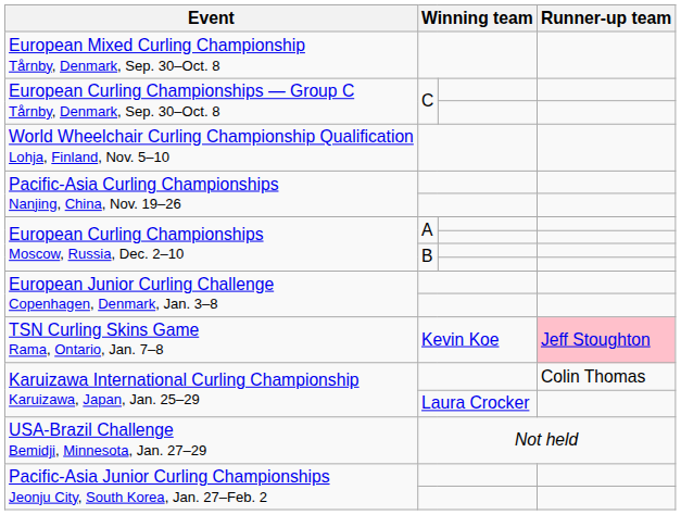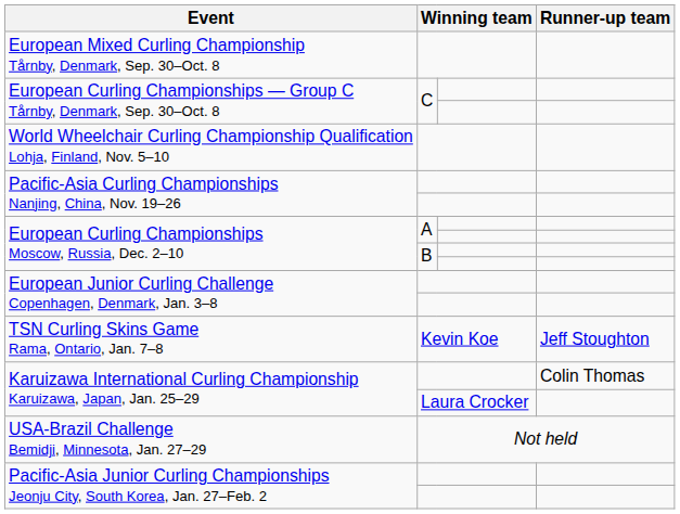 <table class="wikitable">
 <tr>
 <th>Event</th>
 <th colspan=2>Winning team</th>
 <th>Runner-up team</th>
 </tr>
 <tr>
 <td><a href='#'>European Mixed Curling Championship</a> <br> <small><a href='#'>Tårnby</a>, <a href='#'>Denmark</a>, Sep. 30–Oct. 8</small></td>
 <td colspan=2></td>
 <td></td>
 </tr>
 <tr>
 <td rowspan=2><a href='#'>European Curling Championships — Group C</a> <br> <small><a href='#'>Tårnby</a>, <a href='#'>Denmark</a>, Sep. 30–Oct. 8</small></td>
 <td rowspan=2 width=5>C</td>
 <td></td>
 <td></td>
 </tr>
 <tr>
 <td></td>
 <td></td>
 </tr>
 <tr>
 <td><a href='#'>World Wheelchair Curling Championship Qualification</a> <br> <small><a href='#'>Lohja</a>, <a href='#'>Finland</a>, Nov. 5–10</small></td>
 <td colspan=2></td>
 <td></td>
 </tr>
 <tr>
 <td rowspan=2><a href='#'>Pacific-Asia Curling Championships</a> <br> <small><a href='#'>Nanjing</a>, <a href='#'>China</a>, Nov. 19–26</small></td>
 <td colspan=2></td>
 <td></td>
 </tr>
 <tr>
 <td colspan=2></td>
 <td></td>
 </tr>
 <tr>
 <td rowspan=4><a href='#'>European Curling Championships</a> <br> <small><a href='#'>Moscow</a>, <a href='#'>Russia</a>, Dec. 2–10</small></td>
 <td rowspan=2 width=5>A</td>
 <td></td>
 <td></td>
 </tr>
 <tr>
 <td></td>
 <td></td>
 </tr>
 <tr>
 <td rowspan=2>B</td>
 <td></td>
 <td></td>
 </tr>
 <tr>
 <td></td>
 <td></td>
 </tr>
 <tr>
 <td rowspan=2><a href='#'>European Junior Curling Challenge</a> <br> <small><a href='#'>Copenhagen</a>, <a href='#'>Denmark</a>, Jan. 3–8</small></td>
 <td colspan=2></td>
 <td></td>
 </tr>
 <tr>
 <td colspan=2></td>
 <td></td>
 </tr>
 <tr>
 <td><a href='#'>TSN Curling Skins Game</a> <br> <small><a href='#'>Rama</a>, <a href='#'>Ontario</a>, Jan. 7–8</small></td>
 <td colspan=2> <a href='#'>Kevin Koe</a></td>
-<td style="background: pink;"> <a href='#'>Jeff Stoughton</a></td>
+<td> <a href='#'>Jeff Stoughton</a></td>
 </tr>
 <tr>
 <td rowspan=2><a href='#'>Karuizawa International Curling Championship</a> <br> <small><a href='#'>Karuizawa</a>, <a href='#'>Japan</a>, Jan. 25–29</small></td>
 <td colspan=2></td>
 <td> Colin Thomas</td>
 </tr>
 <tr>
 <td colspan=2> <a href='#'>Laura Crocker</a></td>
 <td></td>
 </tr>
 <tr>
 <td><a href='#'>USA-Brazil Challenge</a> <br> <small><a href='#'>Bemidji</a>, <a href='#'>Minnesota</a>, Jan. 27–29</small></td>
 <td colspan=3 align=center><em>Not held</em></td>
 </tr>
 <tr>
 <td rowspan=2><a href='#'>Pacific-Asia Junior Curling Championships</a> <br> <small><a href='#'>Jeonju City</a>, <a href='#'>South Korea</a>, Jan. 27–Feb. 2</small></td>
 <td colspan=2></td>
 <td></td>
 </tr>
 <tr>
 <td colspan=2></td>
 <td></td>
 </tr>
 </table>
